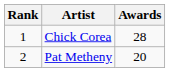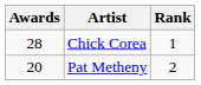 <table class="wikitable" style="text-align: center; cellpadding: 2;">
 <tr>
+<th>Awards</th>
+<th>Artist</th>
 <th>Rank</th>
-<th>Artist</th>
-<th>Awards</th>
 </tr>
 <tr>
+<td>28</td>
+<td style="text-align: left;"><a href='#'>Chick Corea</a></td>
 <td>1</td>
-<td style="text-align: left;"><a href='#'>Chick Corea</a></td>
-<td>28</td>
 </tr>
 <tr>
+<td>20</td>
+<td style="text-align: left;"><a href='#'>Pat Metheny</a></td>
 <td>2</td>
-<td style="text-align: left;"><a href='#'>Pat Metheny</a></td>
-<td>20</td>
 </tr>
 </table>
